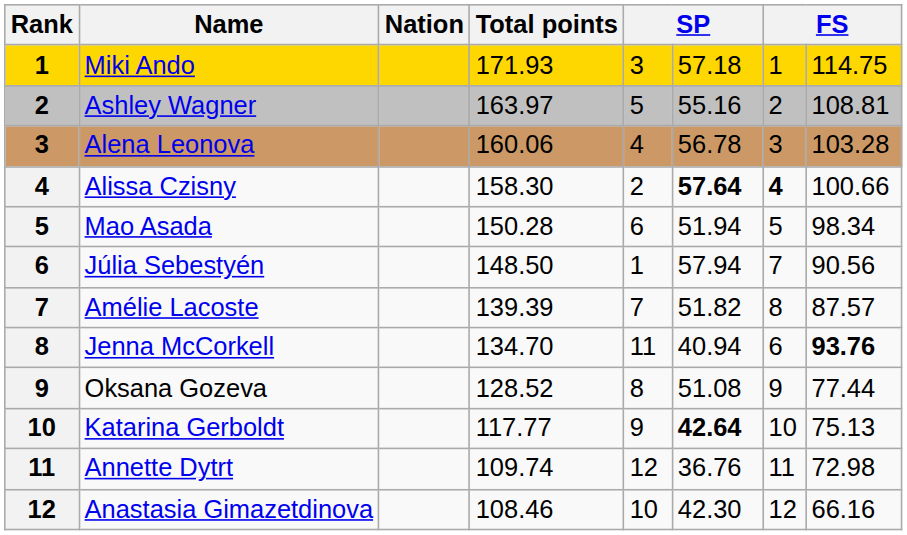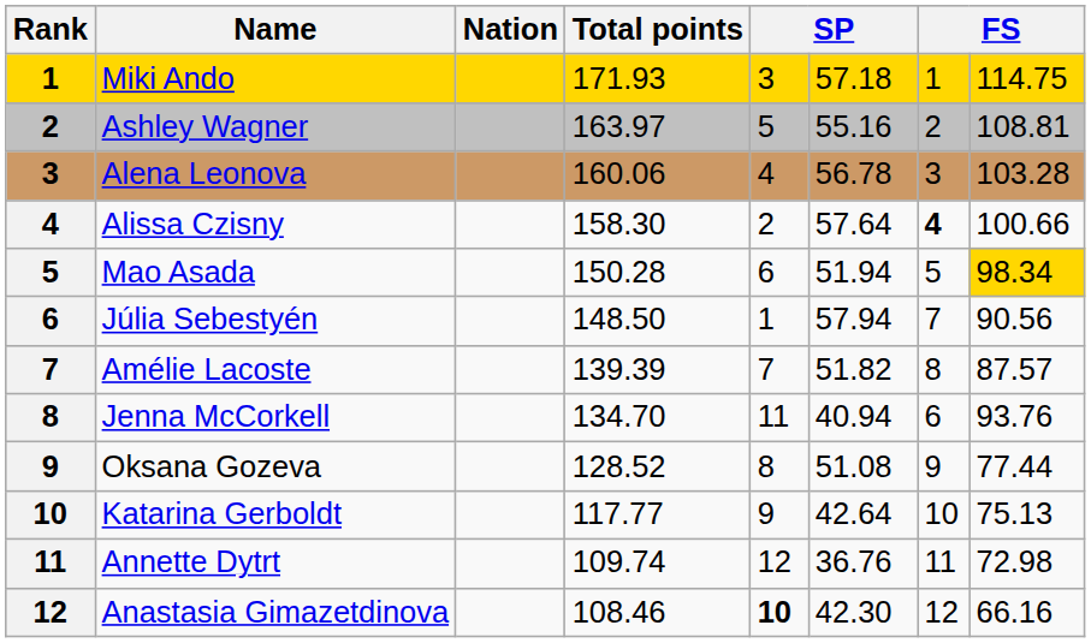 <table class="wikitable sortable">
 <tr>
 <th>Rank</th>
 <th>Name</th>
 <th>Nation</th>
 <th>Total points</th>
 <th colspan="2" width="80px"><a href='#'>SP</a></th>
 <th colspan="2" width="80px"><a href='#'>FS</a></th>
 </tr>
 <tr bgcolor="gold">
 <td align="center"><strong>1</strong></td>
 <td><a href='#'>Miki Ando</a></td>
 <td></td>
 <td>171.93</td>
 <td>3</td>
 <td>57.18</td>
 <td>1</td>
 <td>114.75</td>
 </tr>
 <tr bgcolor="silver">
 <td align="center"><strong>2</strong></td>
 <td><a href='#'>Ashley Wagner</a></td>
 <td></td>
 <td>163.97</td>
 <td>5</td>
 <td>55.16</td>
 <td>2</td>
 <td>108.81</td>
 </tr>
 <tr bgcolor="cc9966">
 <td align="center"><strong>3</strong></td>
 <td><a href='#'>Alena Leonova</a></td>
 <td></td>
 <td>160.06</td>
 <td>4</td>
 <td>56.78</td>
 <td>3</td>
 <td>103.28</td>
 </tr>
 <tr>
 <th>4</th>
 <td><a href='#'>Alissa Czisny</a></td>
 <td></td>
 <td>158.30</td>
 <td>2</td>
-<td><strong>57.64</strong></td>
+<td>57.64</td>
 <td><strong>4</strong></td>
 <td>100.66</td>
 </tr>
 <tr>
 <th>5</th>
 <td><a href='#'>Mao Asada</a></td>
 <td></td>
 <td>150.28</td>
 <td>6</td>
 <td>51.94</td>
 <td>5</td>
-<td>98.34</td>
+<td style="background: gold;">98.34</td>
 </tr>
 <tr>
 <th>6</th>
 <td><a href='#'>Júlia Sebestyén</a></td>
 <td></td>
 <td>148.50</td>
 <td>1</td>
 <td>57.94</td>
 <td>7</td>
 <td>90.56</td>
 </tr>
 <tr>
 <th>7</th>
 <td><a href='#'>Amélie Lacoste</a></td>
 <td></td>
 <td>139.39</td>
 <td>7</td>
 <td>51.82</td>
 <td>8</td>
 <td>87.57</td>
 </tr>
 <tr>
 <th>8</th>
 <td><a href='#'>Jenna McCorkell</a></td>
 <td></td>
 <td>134.70</td>
 <td>11</td>
 <td>40.94</td>
 <td>6</td>
-<td><strong>93.76</strong></td>
+<td>93.76</td>
 </tr>
 <tr>
 <th>9</th>
 <td>Oksana Gozeva</td>
 <td></td>
 <td>128.52</td>
 <td>8</td>
 <td>51.08</td>
 <td>9</td>
 <td>77.44</td>
 </tr>
 <tr>
 <th>10</th>
 <td><a href='#'>Katarina Gerboldt</a></td>
 <td></td>
 <td>117.77</td>
 <td>9</td>
-<td><strong>42.64</strong></td>
+<td>42.64</td>
 <td>10</td>
 <td>75.13</td>
 </tr>
 <tr>
 <th>11</th>
 <td><a href='#'>Annette Dytrt</a></td>
 <td></td>
 <td>109.74</td>
 <td>12</td>
 <td>36.76</td>
 <td>11</td>
 <td>72.98</td>
 </tr>
 <tr>
 <th>12</th>
 <td><a href='#'>Anastasia Gimazetdinova</a></td>
 <td></td>
 <td>108.46</td>
-<td>10</td>
+<td><strong>10</strong></td>
 <td>42.30</td>
 <td>12</td>
 <td>66.16</td>
 </tr>
 </table>
